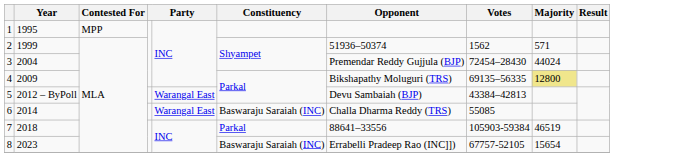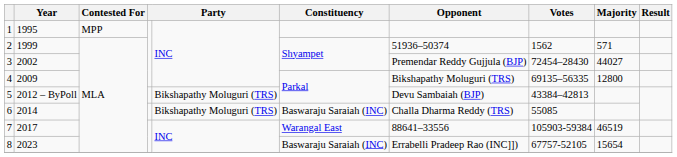 <table class="wikitable">
 <tr>
 <th></th>
 <th>Year</th>
 <th>Contested For</th>
 <th colspan="2">Party</th>
 <th>Constituency</th>
 <th>Opponent</th>
 <th>Votes</th>
 <th>Majority</th>
 <th>Result</th>
 </tr>
 <tr>
 <td>1</td>
 <td>1995</td>
 <td>MPP</td>
 <td rowspan="4" style="background-color: "></td>
 <td rowspan="4"><a href='#'>INC</a></td>
 <td></td>
 <td></td>
 <td></td>
 <td></td>
 <td></td>
 </tr>
 <tr>
 <td>2</td>
 <td>1999</td>
 <td rowspan="7">MLA</td>
 <td rowspan="2"><a href='#'>Shyampet</a></td>
 <td>51936–50374</td>
 <td>1562</td>
 <td>571</td>
 <td> </td>
 </tr>
 <tr>
 <td>3</td>
-<td>2004</td>
+<td>2002</td>
 <td>Premendar Reddy Gujjula (<a href='#'>BJP</a>)</td>
 <td>72454–28430</td>
-<td>44024</td>
+<td>44027</td>
 <td> </td>
 </tr>
 <tr>
 <td>4</td>
 <td>2009</td>
 <td rowspan="2"><a href='#'>Parkal</a></td>
 <td>Bikshapathy Moluguri	 (<a href='#'>TRS</a>)</td>
 <td>69135–56335</td>
-<td style="background: khaki;">12800</td>
+<td>12800</td>
 <td> </td>
 </tr>
 <tr>
 <td>5</td>
 <td>2012 – ByPoll</td>
 <td></td>
-<td><a href='#'>Warangal East</a></td>
+<td>Bikshapathy Moluguri	 (<a href='#'>TRS</a>)</td>
 <td>Devu Sambaiah (<a href='#'>BJP</a>)</td>
 <td>43384–42813</td>
 <td> </td>
 </tr>
 <tr>
 <td>6</td>
 <td>2014</td>
 <td></td>
-<td><a href='#'>Warangal East</a></td>
+<td>Bikshapathy Moluguri	 (<a href='#'>TRS</a>)</td>
 <td>Baswaraju Saraiah	 (<a href='#'>INC</a>)</td>
 <td>Challa Dharma Reddy	 (<a href='#'>TRS</a>)</td>
 <td>55085</td>
 <td> </td>
 </tr>
 <tr>
 <td>7</td>
-<td>2018</td>
+<td>2017</td>
 <td rowspan="2" style="background-color: "></td>
 <td rowspan="2"><a href='#'>INC</a></td>
-<td><a href='#'>Parkal</a></td>
+<td><a href='#'>Warangal East</a></td>
 <td>88641–33556</td>
 <td>105903-59384</td>
 <td>46519</td>
 <td> </td>
 </tr>
 <tr>
 <td>8</td>
 <td>2023</td>
 <td>Baswaraju Saraiah	 (<a href='#'>INC</a>)</td>
 <td>Errabelli Pradeep Rao (INC]])</td>
 <td>67757-52105</td>
 <td>15654</td>
 <td></td>
 </tr>
 <tr>
 </tr>
 </table>
